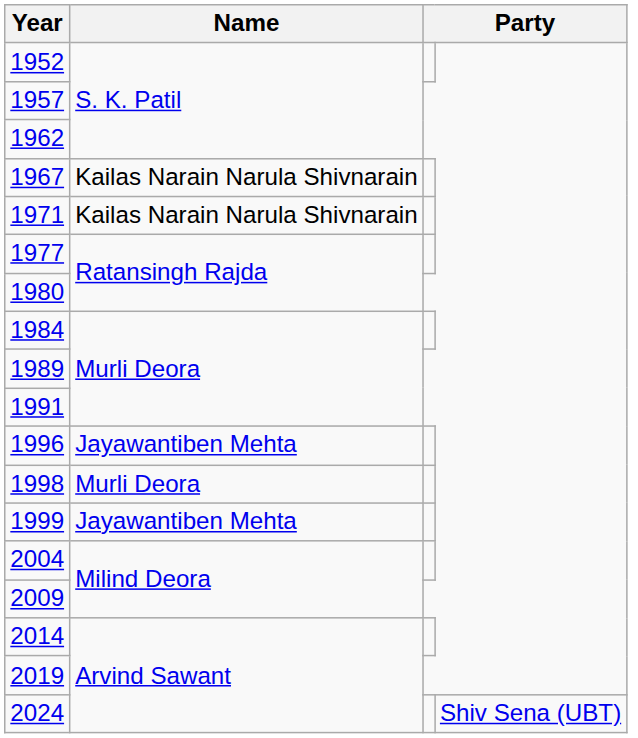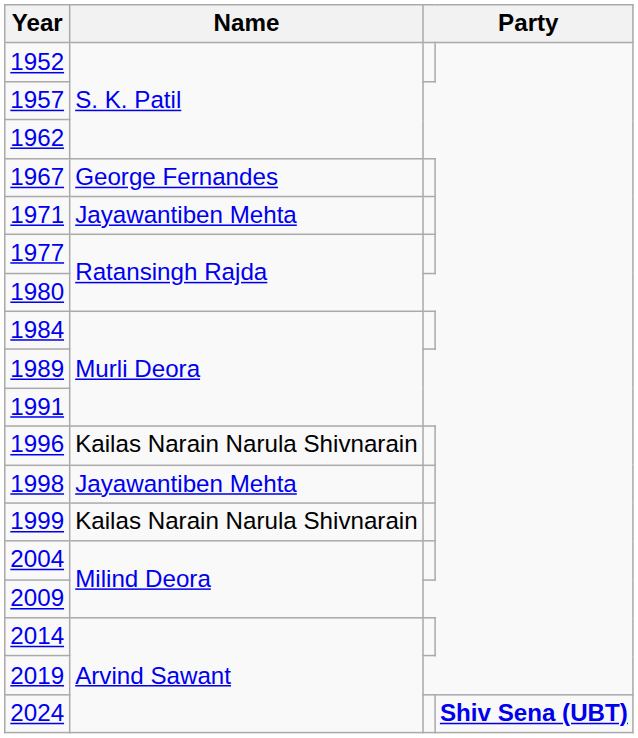 <table class="wikitable">
 <tr>
 <th>Year</th>
 <th>Name</th>
 <th colspan="2">Party</th>
 </tr>
 <tr>
 <td><a href='#'>1952</a></td>
 <td rowspan="3"><a href='#'>S. K. Patil</a></td>
 <td></td>
 </tr>
 <tr>
 <td><a href='#'>1957</a></td>
 </tr>
 <tr>
 <td><a href='#'>1962</a></td>
 </tr>
 <tr>
 <td><a href='#'>1967</a></td>
-<td>Kailas Narain Narula Shivnarain</td>
+<td><a href='#'>George Fernandes</a></td>
 <td></td>
 </tr>
 <tr>
 <td><a href='#'>1971</a></td>
-<td>Kailas Narain Narula Shivnarain</td>
+<td><a href='#'>Jayawantiben Mehta</a></td>
 <td></td>
 </tr>
 <tr>
 <td><a href='#'>1977</a></td>
 <td rowspan="2"><a href='#'>Ratansingh Rajda</a></td>
 <td></td>
 </tr>
 <tr>
 <td><a href='#'>1980</a></td>
 </tr>
 <tr>
 <td><a href='#'>1984</a></td>
 <td rowspan="3"><a href='#'>Murli Deora</a></td>
 <td></td>
 </tr>
 <tr>
 <td><a href='#'>1989</a></td>
 </tr>
 <tr>
 <td><a href='#'>1991</a></td>
 </tr>
 <tr>
 <td><a href='#'>1996</a></td>
+<td>Kailas Narain Narula Shivnarain</td>
+<td></td>
+</tr>
+<tr>
+<td><a href='#'>1998</a></td>
 <td><a href='#'>Jayawantiben Mehta</a></td>
 <td></td>
 </tr>
 <tr>
-<td><a href='#'>1998</a></td>
-<td><a href='#'>Murli Deora</a></td>
-<td></td>
-</tr>
-<tr>
 <td><a href='#'>1999</a></td>
-<td><a href='#'>Jayawantiben Mehta</a></td>
+<td>Kailas Narain Narula Shivnarain</td>
 <td></td>
 </tr>
 <tr>
 <td><a href='#'>2004</a></td>
 <td rowspan="2"><a href='#'>Milind Deora</a></td>
 <td></td>
 </tr>
 <tr>
 <td><a href='#'>2009</a></td>
 </tr>
 <tr>
 <td><a href='#'>2014</a></td>
 <td rowspan="3"><a href='#'>Arvind Sawant</a></td>
 <td></td>
 </tr>
 <tr>
 <td><a href='#'>2019</a></td>
 </tr>
 <tr>
 <td><a href='#'>2024</a></td>
 <td style="background-color: "></td>
-<td><a href='#'>Shiv Sena (UBT)</a></td>
+<td><strong><a href='#'>Shiv Sena (UBT)</a></strong></td>
 </tr>
 </table>
